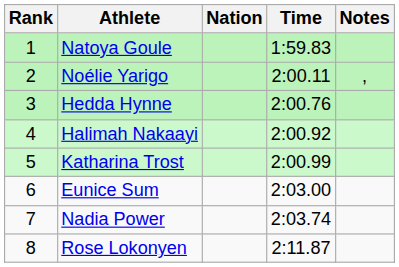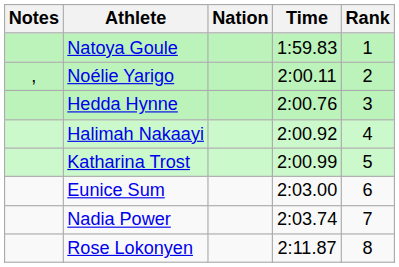 <table class="wikitable sortable" style="text-align:center;">
 <tr>
-<th>Rank</th>
+<th>Notes</th>
 <th>Athlete</th>
 <th>Nation</th>
 <th>Time</th>
-<th>Notes</th>
+<th>Rank</th>
 </tr>
 <tr bgcolor=#bbf3bb>
-<td>1</td>
+<td></td>
 <td align="left"><a href='#'>Natoya Goule</a></td>
 <td align=left></td>
 <td>1:59.83</td>
-<td></td>
+<td>1</td>
 </tr>
 <tr bgcolor=#bbf3bb>
-<td>2</td>
+<td>, </td>
 <td align="left"><a href='#'>Noélie Yarigo</a></td>
 <td align=left></td>
 <td>2:00.11</td>
-<td>, </td>
+<td>2</td>
 </tr>
 <tr bgcolor=#bbf3bb>
-<td>3</td>
+<td></td>
 <td align="left"><a href='#'>Hedda Hynne</a></td>
 <td align=left></td>
 <td>2:00.76</td>
-<td></td>
+<td>3</td>
 </tr>
 <tr bgcolor=#ccf9cc>
-<td>4</td>
+<td></td>
 <td align="left"><a href='#'>Halimah Nakaayi</a></td>
 <td align=left></td>
 <td>2:00.92</td>
-<td></td>
+<td>4</td>
 </tr>
 <tr bgcolor=#ccf9cc>
-<td>5</td>
+<td></td>
 <td align="left"><a href='#'>Katharina Trost</a></td>
 <td align=left></td>
 <td>2:00.99</td>
-<td></td>
+<td>5</td>
 </tr>
 <tr>
-<td>6</td>
+<td></td>
 <td align="left"><a href='#'>Eunice Sum</a></td>
 <td align=left></td>
 <td>2:03.00</td>
-<td></td>
+<td>6</td>
 </tr>
 <tr>
-<td>7</td>
+<td></td>
 <td align="left"><a href='#'>Nadia Power</a></td>
 <td align=left></td>
 <td>2:03.74</td>
-<td></td>
+<td>7</td>
 </tr>
 <tr>
-<td>8</td>
+<td></td>
 <td align="left"><a href='#'>Rose Lokonyen</a></td>
 <td align=left></td>
 <td>2:11.87</td>
-<td></td>
+<td>8</td>
 </tr>
 </table>
